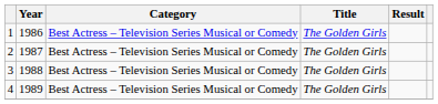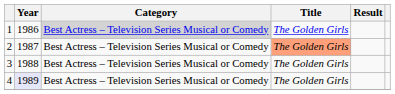 <table class="wikitable" style="text-align:center;">
 <tr>
 <th scope="col"></th>
 <th scope="col">Year</th>
 <th scope="col">Category</th>
 <th scope="col">Title</th>
 <th scope="col">Result</th>
 <th scope="col"></th>
 </tr>
 <tr>
 <td>1</td>
 <td>1986</td>
-<td><a href='#'>Best Actress – Television Series Musical or Comedy</a></td>
+<td style="background: lightgrey;"><a href='#'>Best Actress – Television Series Musical or Comedy</a></td>
 <td><em><a href='#'>The Golden Girls</a></em></td>
 <td></td>
 <td></td>
 </tr>
 <tr>
 <td>2</td>
 <td>1987</td>
 <td>Best Actress – Television Series Musical or Comedy</td>
-<td><em>The Golden Girls</em></td>
+<td style="background: lightsalmon;"><em>The Golden Girls</em></td>
 <td></td>
 <td></td>
 </tr>
 <tr>
 <td>3</td>
 <td>1988</td>
 <td>Best Actress – Television Series Musical or Comedy</td>
 <td><em>The Golden Girls</em></td>
 <td></td>
 <td></td>
 </tr>
 <tr>
 <td>4</td>
-<td>1989</td>
+<td style="background: lavender;">1989</td>
 <td>Best Actress – Television Series Musical or Comedy</td>
 <td><em>The Golden Girls</em></td>
 <td></td>
 <td></td>
 </tr>
 <tr>
 </tr>
 </table>
